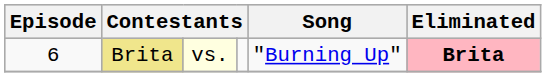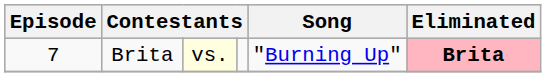 <table class="wikitable" border="2" style="text-align:center">
 <tr>
 <th>Episode</th>
 <th colspan="3">Contestants</th>
 <th>Song</th>
 <th>Eliminated</th>
 </tr>
 <tr>
-<td>6</td>
-<td style="background: khaki;">Brita</td>
+<td>7</td>
+<td>Brita</td>
 <td style="background: lightyellow;">vs.</td>
 <td></td>
 <td>"<a href='#'>Burning Up</a>" <br></td>
 <td style="background:lightpink"><strong>Brita</strong></td>
 </tr>
 <tr>
 </tr>
 </table>
